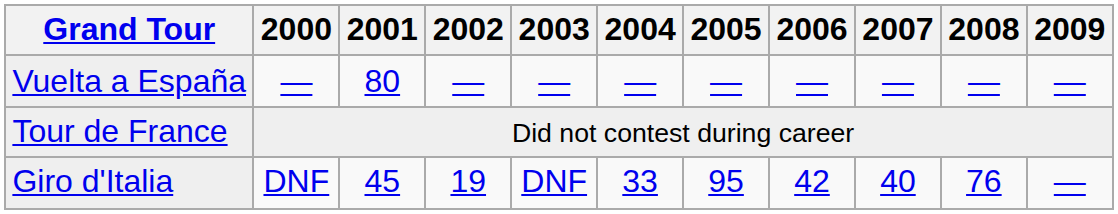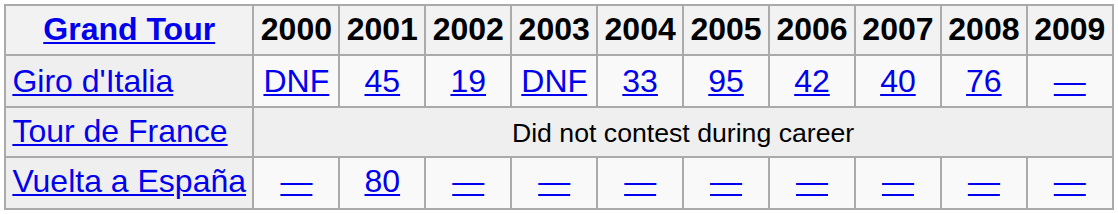 <table class="wikitable">
 <tr style="background:#EEE;">
 <th><a href='#'>Grand Tour</a></th>
 <th scope="col">2000</th>
 <th scope="col">2001</th>
 <th scope="col">2002</th>
 <th scope="col">2003</th>
 <th scope="col">2004</th>
 <th scope="col">2005</th>
 <th scope="col">2006</th>
 <th scope="col">2007</th>
 <th scope="col">2008</th>
 <th scope="col">2009</th>
 </tr>
 <tr style="text-align:center;">
+<td style="text-align:left; background:#EFEFEF;"> <a href='#'>Giro d'Italia</a></td>
+<td><a href='#'>DNF</a></td>
+<td><a href='#'>45</a></td>
+<td><a href='#'>19</a></td>
+<td><a href='#'>DNF</a></td>
+<td><a href='#'>33</a></td>
+<td><a href='#'>95</a></td>
+<td><a href='#'>42</a></td>
+<td><a href='#'>40</a></td>
+<td><a href='#'>76</a></td>
+<td><a href='#'>—</a></td>
+</tr>
+<tr style="text-align:center;">
+<td style="text-align:left; background:#EFEFEF;"> <a href='#'>Tour de France</a></td>
+<td style="text-align:center; background:#efefef;" colspan=10><small>Did not contest during career</small></td>
+</tr>
+<tr style="text-align:center;">
 <td style="text-align:left; background:#EFEFEF;"> <a href='#'>Vuelta a España</a></td>
 <td><a href='#'>—</a></td>
 <td><a href='#'>80</a></td>
 <td><a href='#'>—</a></td>
 <td><a href='#'>—</a></td>
 <td><a href='#'>—</a></td>
 <td><a href='#'>—</a></td>
 <td><a href='#'>—</a></td>
 <td><a href='#'>—</a></td>
 <td><a href='#'>—</a></td>
 <td><a href='#'>—</a></td>
 </tr>
-<tr style="text-align:center;">
-<td style="text-align:left; background:#EFEFEF;"> <a href='#'>Tour de France</a></td>
-<td style="text-align:center; background:#efefef;" colspan=10><small>Did not contest during career</small></td>
-</tr>
-<tr style="text-align:center;">
-<td style="text-align:left; background:#EFEFEF;"> <a href='#'>Giro d'Italia</a></td>
-<td><a href='#'>DNF</a></td>
-<td><a href='#'>45</a></td>
-<td><a href='#'>19</a></td>
-<td><a href='#'>DNF</a></td>
-<td><a href='#'>33</a></td>
-<td><a href='#'>95</a></td>
-<td><a href='#'>42</a></td>
-<td><a href='#'>40</a></td>
-<td><a href='#'>76</a></td>
-<td><a href='#'>—</a></td>
-</tr>
 </table>
